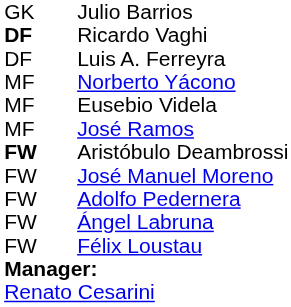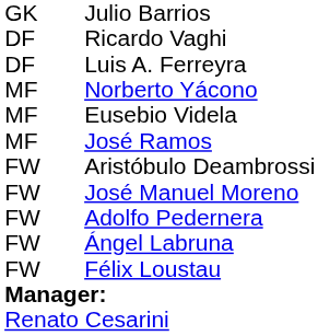 <table style="font-size:90%; margin:0.2em auto;" cellspacing="0" cellpadding="0">
 <tr>
 <th width="25"></th>
 <th width="25"></th>
 </tr>
 <tr>
 <td>GK</td>
 <td></td>
 <td> Julio Barrios</td>
 </tr>
 <tr>
-<td><strong>DF</strong></td>
+<td>DF</td>
 <td></td>
 <td> Ricardo Vaghi</td>
 </tr>
 <tr>
 <td>DF</td>
 <td></td>
 <td> Luis A. Ferreyra</td>
 </tr>
 <tr>
 <td>MF</td>
 <td></td>
 <td> <a href='#'>Norberto Yácono</a></td>
 </tr>
 <tr>
 <td>MF</td>
 <td></td>
 <td> Eusebio Videla</td>
 </tr>
 <tr>
 <td>MF</td>
 <td></td>
 <td> <a href='#'>José Ramos</a></td>
 </tr>
 <tr>
-<td><strong>FW</strong></td>
+<td>FW</td>
 <td></td>
 <td> Aristóbulo Deambrossi</td>
 </tr>
 <tr>
 <td>FW</td>
 <td></td>
 <td> <a href='#'>José Manuel Moreno</a></td>
 </tr>
 <tr>
 <td>FW</td>
 <td></td>
 <td> <a href='#'>Adolfo Pedernera</a></td>
 </tr>
 <tr>
 <td>FW</td>
 <td></td>
 <td> <a href='#'>Ángel Labruna</a></td>
 </tr>
 <tr>
 <td>FW</td>
 <td></td>
 <td> <a href='#'>Félix Loustau</a></td>
 </tr>
 <tr>
 <td colspan=3><strong>Manager:</strong></td>
 </tr>
 <tr>
 <td colspan=4> <a href='#'>Renato Cesarini</a></td>
 </tr>
 </table>
